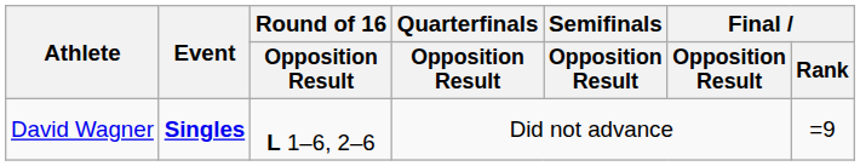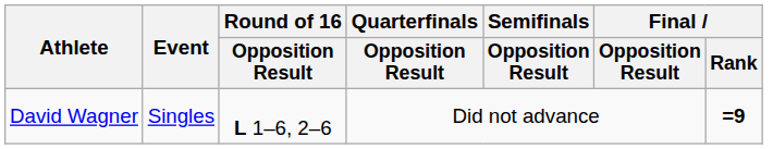 <table class=wikitable style=font-size:90%>
 <tr>
 <th rowspan=2>Athlete</th>
 <th rowspan=2>Event</th>
 <th>Round of 16</th>
 <th>Quarterfinals</th>
 <th>Semifinals</th>
 <th colspan=2>Final / </th>
 </tr>
 <tr style=font-size:95%>
 <th>Opposition<br>Result</th>
 <th>Opposition<br>Result</th>
 <th>Opposition<br>Result</th>
 <th>Opposition<br>Result</th>
 <th>Rank</th>
 </tr>
 <tr align=center>
 <td align=left><a href='#'>David Wagner</a></td>
-<td align=left><strong><a href='#'>Singles</a></strong></td>
+<td align=left><a href='#'>Singles</a></td>
 <td><br><strong>L</strong> 1–6, 2–6</td>
 <td colspan=3>Did not advance</td>
-<td>=9</td>
+<td><strong>=9</strong></td>
 </tr>
 </table>
